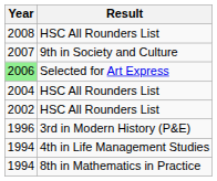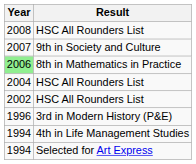 <table class="wikitable" border="1">
 <tr>
 <th>Year</th>
 <th>Result</th>
 </tr>
 <tr>
 <td>2008</td>
 <td>HSC All Rounders List</td>
 </tr>
 <tr>
 <td>2007</td>
 <td>9th in Society and Culture</td>
 </tr>
 <tr>
 <td style="background: lightgreen;">2006</td>
-<td>Selected for <a href='#'>Art Express</a></td>
+<td>8th in Mathematics in Practice</td>
 </tr>
 <tr>
 <td>2004</td>
 <td>HSC All Rounders List</td>
 </tr>
 <tr>
 <td>2002</td>
 <td>HSC All Rounders List</td>
 </tr>
 <tr>
 <td>1996</td>
 <td>3rd in Modern History (P&E)</td>
 </tr>
 <tr>
 <td>1994</td>
 <td>4th in Life Management Studies</td>
 </tr>
 <tr>
 <td>1994</td>
-<td>8th in Mathematics in Practice</td>
+<td>Selected for <a href='#'>Art Express</a></td>
 </tr>
 </table>
